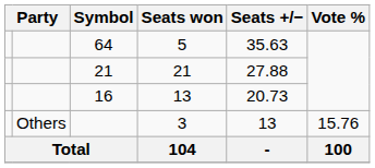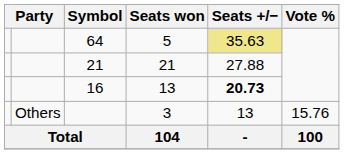 <table class="sortable wikitable" style="text-align:center">
 <tr>
 <th colspan="2">Party</th>
 <th>Symbol</th>
 <th>Seats won</th>
 <th><strong>Seats +/−</strong></th>
 <th>Vote %</th>
 </tr>
 <tr>
 <td></td>
 <td></td>
 <td>64</td>
 <td>5</td>
-<td>35.63</td>
+<td style="background: khaki;">35.63</td>
 </tr>
 <tr>
 <td></td>
 <td></td>
 <td>21</td>
 <td>21</td>
 <td>27.88</td>
 </tr>
 <tr>
 <td></td>
 <td></td>
 <td>16</td>
 <td>13</td>
-<td>20.73</td>
+<td><strong>20.73</strong></td>
 </tr>
 <tr>
 <td bgcolor=></td>
 <td>Others</td>
 <td></td>
 <td>3</td>
 <td>13</td>
 <td>15.76</td>
 </tr>
 <tr>
 <th colspan="3">Total</th>
 <th>104</th>
 <th>-</th>
 <th>100</th>
 </tr>
 <tr>
 </tr>
 </table>
